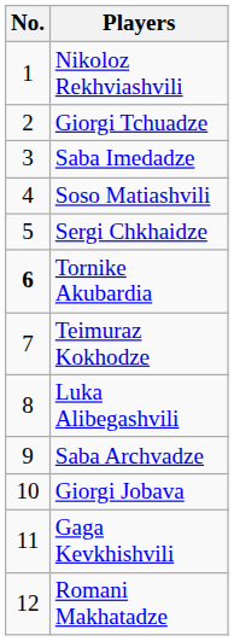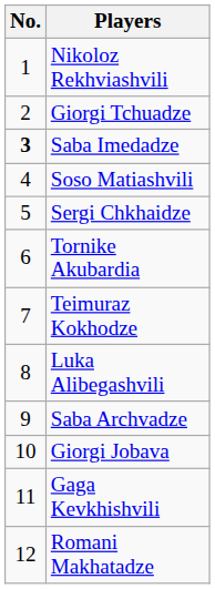 <table class="wikitable" style="text-align: center; width:25%">
 <tr>
 <th>No.</th>
 <th>Players</th>
 </tr>
 <tr>
 <td>1</td>
 <td align="left"><a href='#'>Nikoloz Rekhviashvili</a></td>
 </tr>
 <tr>
 <td>2</td>
 <td align="left"><a href='#'>Giorgi Tchuadze</a></td>
 </tr>
 <tr>
-<td>3</td>
+<td><strong>3</strong></td>
 <td align="left"><a href='#'>Saba Imedadze</a></td>
 </tr>
 <tr>
 <td>4</td>
 <td align="left"><a href='#'>Soso Matiashvili</a></td>
 </tr>
 <tr>
 <td>5</td>
 <td align="left"><a href='#'>Sergi Chkhaidze</a></td>
 </tr>
 <tr>
-<td><strong>6</strong></td>
+<td>6</td>
 <td align="left"><a href='#'>Tornike Akubardia</a></td>
 </tr>
 <tr>
 <td>7</td>
 <td align="left"><a href='#'>Teimuraz Kokhodze</a></td>
 </tr>
 <tr>
 <td>8</td>
 <td align="left"><a href='#'>Luka Alibegashvili</a></td>
 </tr>
 <tr>
 <td>9</td>
 <td align="left"><a href='#'>Saba Archvadze</a></td>
 </tr>
 <tr>
 <td>10</td>
 <td align="left"><a href='#'>Giorgi Jobava</a></td>
 </tr>
 <tr>
 <td>11</td>
 <td align="left"><a href='#'>Gaga Kevkhishvili</a></td>
 </tr>
 <tr>
 <td>12</td>
 <td align="left"><a href='#'>Romani Makhatadze</a></td>
 </tr>
 </table>
